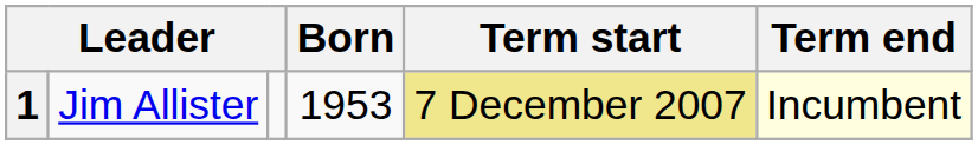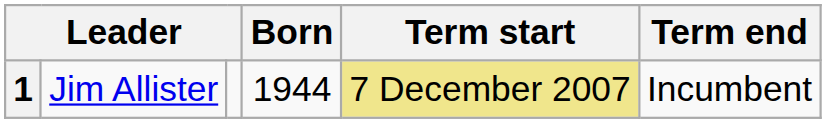 <table class="wikitable" style="text-align:center">
 <tr>
 <th colspan="3">Leader</th>
 <th>Born</th>
 <th>Term start</th>
 <th>Term end</th>
 </tr>
 <tr>
 <th style="background:">1</th>
 <td><a href='#'>Jim Allister</a></td>
 <td></td>
-<td>1953</td>
+<td>1944</td>
 <td style="background: khaki;">7 December 2007</td>
-<td style="background: lightyellow;">Incumbent</td>
+<td>Incumbent</td>
 </tr>
 </table>
